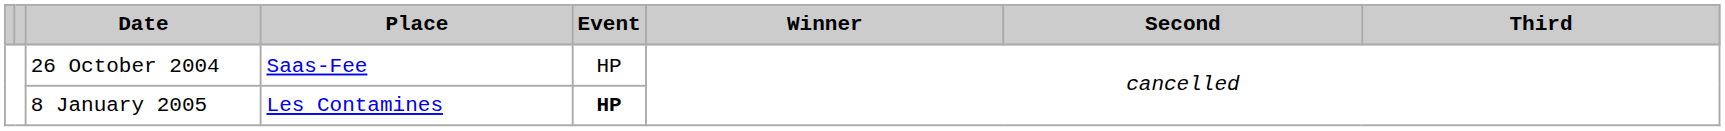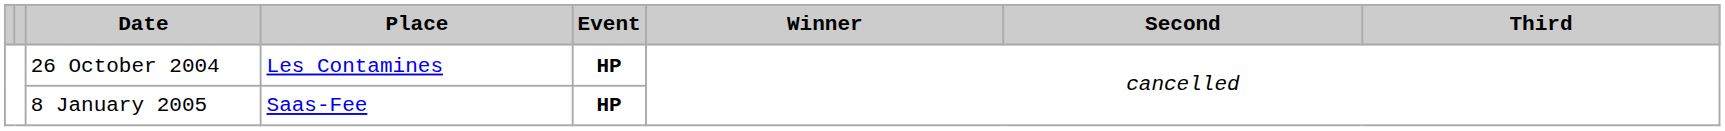 <table class="wikitable plainrowheaders" style="background:#fff; font-size:86%; line-height:16px; border:grey solid 1px; border-collapse:collapse;">
 <tr style="background:#ccc; text-align:center;">
 <th scope="col" style="background:#ccc; width=20 px;"></th>
 <th scope="col" style="background:#ccc; width=30 px;"></th>
 <th scope="col" style="background:#ccc; width:120px;">Date</th>
 <th scope="col" style="background:#ccc; width:160px;">Place</th>
 <th scope="col" style="background:#ccc; width:15px;">Event</th>
 <th scope="col" style="background:#ccc; width:185px;">Winner</th>
 <th scope="col" style="background:#ccc; width:185px;">Second</th>
 <th scope="col" style="background:#ccc; width:185px;">Third</th>
 </tr>
 <tr>
 <td colspan=2 rowspan=2></td>
 <td>26 October 2004</td>
-<td> <a href='#'>Saas-Fee</a></td>
-<td align=center>HP</td>
+<td> <a href='#'>Les Contamines</a></td>
+<td align=center><strong>HP</strong></td>
 <td colspan=3 rowspan=2 align=center><em>cancelled</em></td>
 </tr>
 <tr>
 <td>8 January 2005</td>
-<td> <a href='#'>Les Contamines</a></td>
+<td> <a href='#'>Saas-Fee</a></td>
 <td align=center><strong>HP</strong></td>
 </tr>
 </table>
